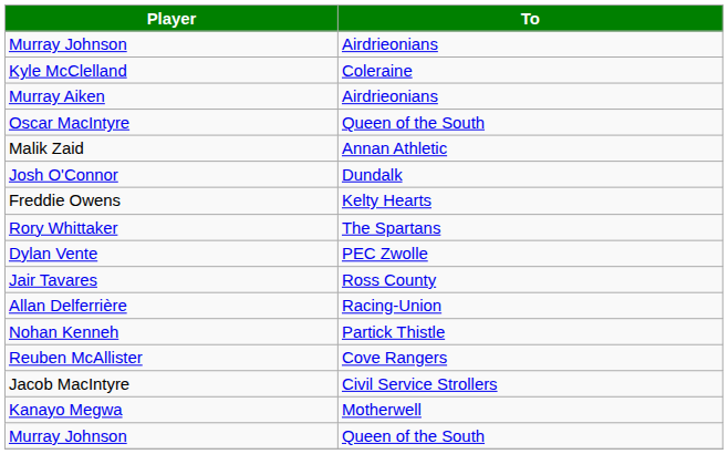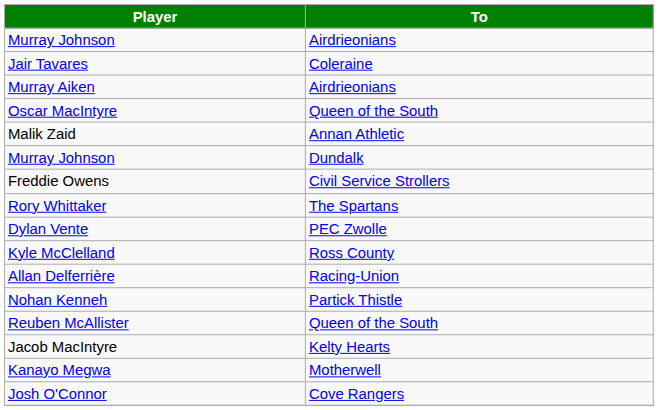 <table class="wikitable" style="text-align:center; font-size:95%;width:75%; text-align:left">
 <tr>
 <th style="background:#008000; color:white;">Player</th>
 <th style="background:#008000; color:white;">To</th>
 </tr>
 <tr>
 <td> <a href='#'>Murray Johnson</a></td>
 <td> <a href='#'>Airdrieonians</a></td>
 </tr>
 <tr>
-<td> <a href='#'>Kyle McClelland</a></td>
+<td> <a href='#'>Jair Tavares</a></td>
 <td> <a href='#'>Coleraine</a></td>
 </tr>
 <tr>
 <td> <a href='#'>Murray Aiken</a></td>
 <td> <a href='#'>Airdrieonians</a></td>
 </tr>
 <tr>
 <td> <a href='#'>Oscar MacIntyre</a></td>
 <td><a href='#'>Queen of the South</a></td>
 </tr>
 <tr>
 <td> Malik Zaid</td>
 <td> <a href='#'>Annan Athletic</a></td>
 </tr>
 <tr>
-<td> <a href='#'>Josh O'Connor</a></td>
+<td> <a href='#'>Murray Johnson</a></td>
 <td> <a href='#'>Dundalk</a></td>
 </tr>
 <tr>
 <td> Freddie Owens</td>
-<td> <a href='#'>Kelty Hearts</a></td>
+<td> <a href='#'>Civil Service Strollers</a></td>
 </tr>
 <tr>
 <td> <a href='#'>Rory Whittaker</a></td>
 <td> <a href='#'>The Spartans</a></td>
 </tr>
 <tr>
 <td> <a href='#'>Dylan Vente</a></td>
 <td> <a href='#'>PEC Zwolle</a></td>
 </tr>
 <tr>
-<td> <a href='#'>Jair Tavares</a></td>
+<td> <a href='#'>Kyle McClelland</a></td>
 <td> <a href='#'>Ross County</a></td>
 </tr>
 <tr>
 <td> <a href='#'>Allan Delferrière</a></td>
 <td> <a href='#'>Racing-Union</a></td>
 </tr>
 <tr>
 <td> <a href='#'>Nohan Kenneh</a></td>
 <td> <a href='#'>Partick Thistle</a></td>
 </tr>
 <tr>
 <td> <a href='#'>Reuben McAllister</a></td>
-<td> <a href='#'>Cove Rangers</a></td>
+<td> <a href='#'>Queen of the South</a></td>
 </tr>
 <tr>
 <td> Jacob MacIntyre</td>
-<td> <a href='#'>Civil Service Strollers</a></td>
+<td> <a href='#'>Kelty Hearts</a></td>
 </tr>
 <tr>
 <td> <a href='#'>Kanayo Megwa</a></td>
 <td> <a href='#'>Motherwell</a></td>
 </tr>
 <tr>
-<td> <a href='#'>Murray Johnson</a></td>
-<td> <a href='#'>Queen of the South</a></td>
+<td> <a href='#'>Josh O'Connor</a></td>
+<td> <a href='#'>Cove Rangers</a></td>
 </tr>
 <tr>
 </tr>
 </table>
